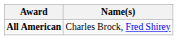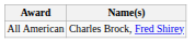 <table class="wikitable">
 <tr>
 <th>Award</th>
 <th>Name(s)</th>
 </tr>
 <tr>
-<td><strong>All American</strong></td>
+<td>All American</td>
 <td>Charles Brock, <a href='#'>Fred Shirey</a></td>
 </tr>
 </table>
